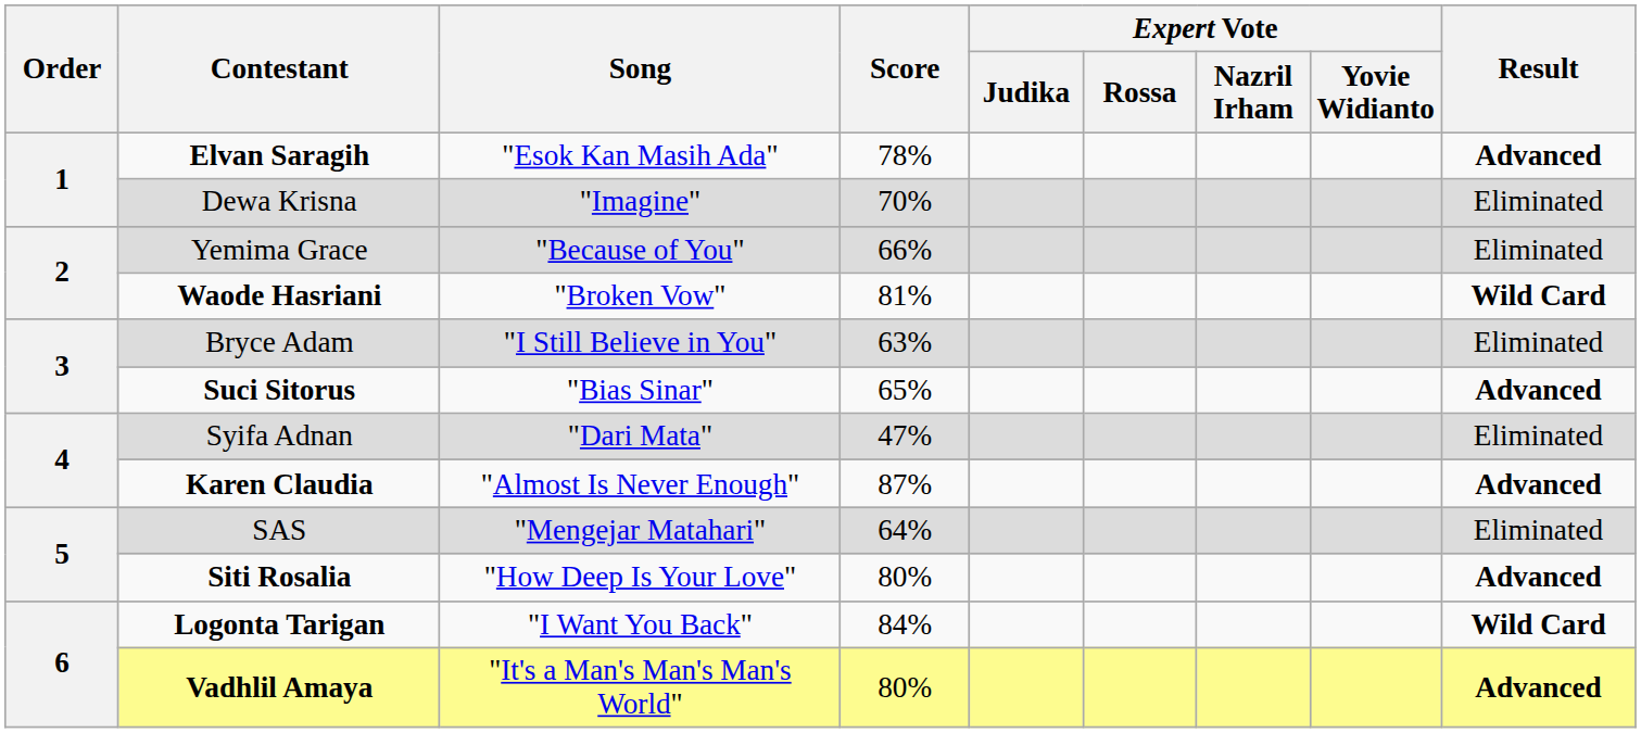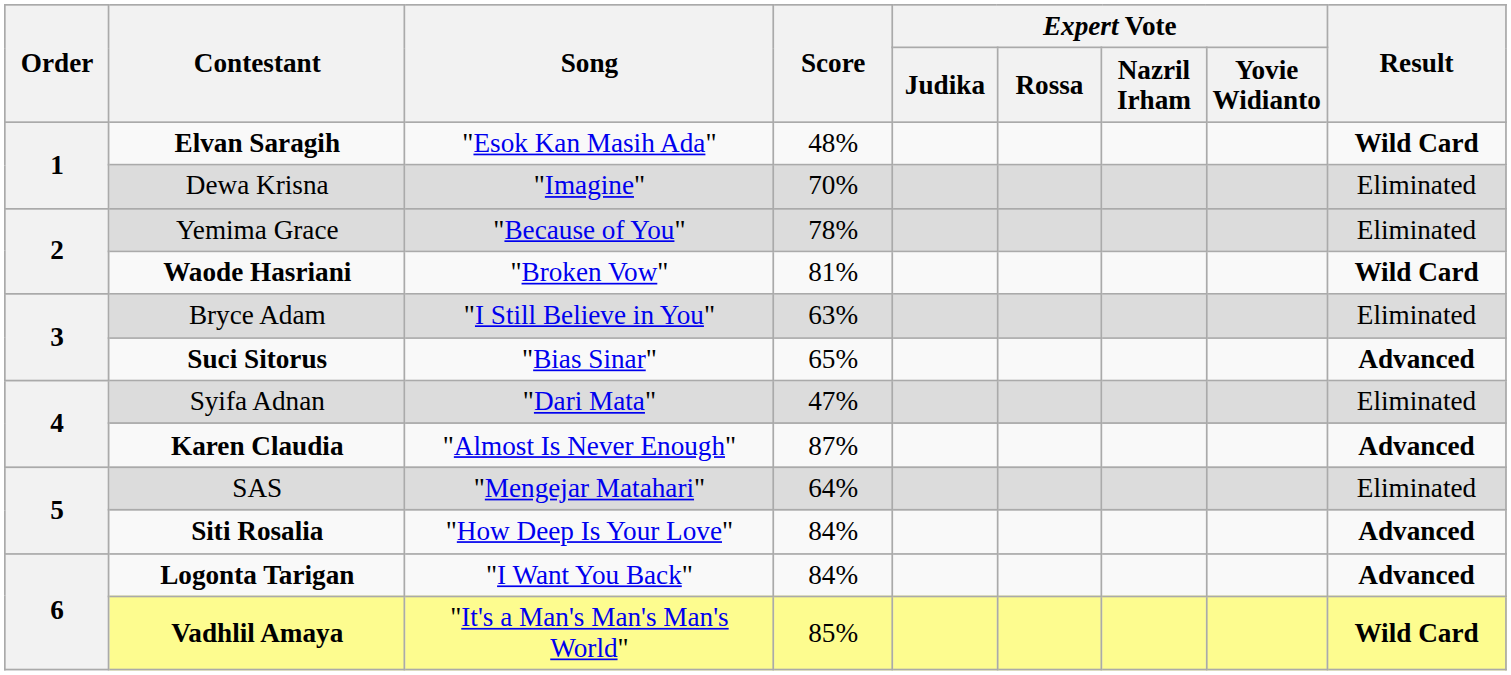 <table class="wikitable" style="text-align:center; width:100%;">
 <tr>
 <th scope="col" rowspan="2" style="width:7%;">Order</th>
 <th scope="col" rowspan="2" style="width:20%;">Contestant</th>
 <th scope="col" rowspan="2" style="width:25%;">Song</th>
 <th rowspan="2" style="width:8%">Score</th>
 <th scope="col" colspan="4" style="width:28%;"><em>Expert</em> Vote</th>
 <th rowspan="2" style="width:12%">Result</th>
 </tr>
 <tr>
 <th style="width:07%;">Judika</th>
 <th style="width:07%;">Rossa</th>
 <th style="width:07%;">Nazril Irham</th>
 <th style="width:07%;">Yovie Widianto</th>
 </tr>
 <tr>
 <th rowspan="2">1</th>
 <td><strong>Elvan Saragih</strong></td>
 <td>"<a href='#'>Esok Kan Masih Ada</a>"</td>
-<td>78%</td>
+<td>48%</td>
 <td></td>
 <td></td>
 <td></td>
 <td></td>
-<td><strong>Advanced</strong></td>
+<td><strong>Wild Card</strong></td>
 </tr>
 <tr style="background:#DCDCDC;">
 <td>Dewa Krisna</td>
 <td>"<a href='#'>Imagine</a>"</td>
 <td>70%</td>
 <td></td>
 <td></td>
 <td></td>
 <td></td>
 <td>Eliminated</td>
 </tr>
 <tr style="background:#DCDCDC;">
 <th rowspan="2">2</th>
 <td>Yemima Grace</td>
 <td>"<a href='#'>Because of You</a>"</td>
-<td>66%</td>
+<td>78%</td>
 <td></td>
 <td></td>
 <td></td>
 <td></td>
 <td>Eliminated</td>
 </tr>
 <tr>
 <td><strong>Waode Hasriani</strong></td>
 <td>"<a href='#'>Broken Vow</a>"</td>
 <td>81%</td>
 <td></td>
 <td></td>
 <td></td>
 <td></td>
 <td><strong>Wild Card</strong></td>
 </tr>
 <tr style="background:#DCDCDC;">
 <th rowspan="2">3</th>
 <td>Bryce Adam</td>
 <td>"<a href='#'>I Still Believe in You</a>"</td>
 <td>63%</td>
 <td></td>
 <td></td>
 <td></td>
 <td></td>
 <td>Eliminated</td>
 </tr>
 <tr>
 <td><strong>Suci Sitorus</strong></td>
 <td>"<a href='#'>Bias Sinar</a>"</td>
 <td>65%</td>
 <td></td>
 <td></td>
 <td></td>
 <td></td>
 <td><strong>Advanced</strong></td>
 </tr>
 <tr style="background:#DCDCDC;">
 <th rowspan="2">4</th>
 <td>Syifa Adnan</td>
 <td>"<a href='#'>Dari Mata</a>"</td>
 <td>47%</td>
 <td></td>
 <td></td>
 <td></td>
 <td></td>
 <td>Eliminated</td>
 </tr>
 <tr>
 <td><strong>Karen Claudia</strong></td>
 <td>"<a href='#'>Almost Is Never Enough</a>"</td>
 <td>87%</td>
 <td></td>
 <td></td>
 <td></td>
 <td></td>
 <td><strong>Advanced</strong></td>
 </tr>
 <tr style="background:#DCDCDC;">
 <th rowspan="2">5</th>
 <td>SAS</td>
 <td>"<a href='#'>Mengejar Matahari</a>"</td>
 <td>64%</td>
 <td></td>
 <td></td>
 <td></td>
 <td></td>
 <td>Eliminated</td>
 </tr>
 <tr>
 <td><strong>Siti Rosalia</strong></td>
 <td>"<a href='#'>How Deep Is Your Love</a>"</td>
-<td>80%</td>
+<td>84%</td>
 <td></td>
 <td></td>
 <td></td>
 <td></td>
 <td><strong>Advanced</strong></td>
 </tr>
 <tr>
 <th rowspan="2">6</th>
 <td><strong>Logonta Tarigan</strong></td>
 <td>"<a href='#'>I Want You Back</a>"</td>
 <td>84%</td>
 <td></td>
 <td></td>
 <td></td>
 <td></td>
-<td><strong>Wild Card</strong></td>
+<td><strong>Advanced</strong></td>
 </tr>
 <tr style="background:#fdfc8f">
 <td><strong>Vadhlil Amaya</strong></td>
 <td>"<a href='#'>It's a Man's Man's Man's World</a>"</td>
-<td>80%</td>
+<td>85%</td>
 <td></td>
 <td></td>
 <td></td>
 <td></td>
-<td><strong>Advanced</strong></td>
+<td><strong>Wild Card</strong></td>
 </tr>
 </table>
